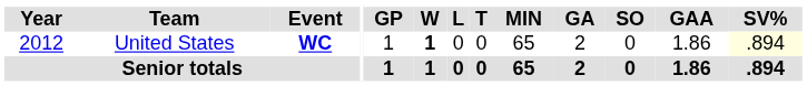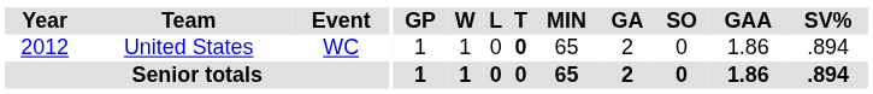 <table border="0" cellpadding="1" cellspacing="0" style="text-align:center; width:40em">
 <tr ALIGN="center" bgcolor="#e0e0e0">
 <th colspan="3" style="background:#fff;"></th>
 <th rowspan="99" style="background:#fff;"></th>
 </tr>
 <tr style="background:#e0e0e0; text-align:center;">
 <th>Year</th>
 <th>Team</th>
 <th>Event</th>
 <th>GP</th>
 <th>W</th>
 <th>L</th>
 <th>T</th>
 <th>MIN</th>
 <th>GA</th>
 <th>SO</th>
 <th>GAA</th>
 <th>SV%</th>
 </tr>
 <tr style="text-align:center;">
 <td><a href='#'>2012</a></td>
 <td><a href='#'>United States</a></td>
-<td><strong><a href='#'>WC</a></strong></td>
+<td><a href='#'>WC</a></td>
 <td>1</td>
-<td><strong>1</strong></td>
+<td>1</td>
 <td>0</td>
-<td>0</td>
+<td><strong>0</strong></td>
 <td>65</td>
 <td>2</td>
 <td>0</td>
 <td>1.86</td>
-<td style="background: lightyellow;">.894</td>
+<td>.894</td>
 </tr>
 <tr style="text-align:center; background:#e0e0e0;">
 <th colspan=3>Senior totals</th>
 <th>1</th>
 <th>1</th>
 <th>0</th>
 <th>0</th>
 <th>65</th>
 <th>2</th>
 <th>0</th>
 <th>1.86</th>
 <th>.894</th>
 </tr>
 </table>
